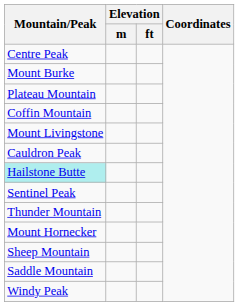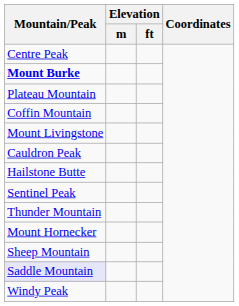 <table class="wikitable sortable">
 <tr>
 <th rowspan=2>Mountain/Peak</th>
 <th colspan=2>Elevation</th>
 <th rowspan=2>Coordinates</th>
 </tr>
 <tr>
 <th>m</th>
 <th>ft</th>
 </tr>
 <tr>
 <td><a href='#'>Centre Peak</a></td>
 <td></td>
 <td></td>
 </tr>
 <tr>
-<td><a href='#'>Mount Burke</a></td>
+<td><strong><a href='#'>Mount Burke</a></strong></td>
 <td></td>
 <td></td>
 </tr>
 <tr>
 <td><a href='#'>Plateau Mountain</a></td>
 <td></td>
 <td></td>
 </tr>
 <tr>
 <td><a href='#'>Coffin Mountain</a></td>
 <td></td>
 <td></td>
 </tr>
 <tr>
 <td><a href='#'>Mount Livingstone</a></td>
 <td></td>
 <td></td>
 </tr>
 <tr>
 <td><a href='#'>Cauldron Peak</a></td>
 <td></td>
 <td></td>
 </tr>
 <tr>
-<td style="background: paleturquoise;"><a href='#'>Hailstone Butte</a></td>
+<td><a href='#'>Hailstone Butte</a></td>
 <td></td>
 <td></td>
 </tr>
 <tr>
 <td><a href='#'>Sentinel Peak</a></td>
 <td></td>
 <td></td>
 </tr>
 <tr>
 <td><a href='#'>Thunder Mountain</a></td>
 <td></td>
 <td></td>
 </tr>
 <tr>
 <td><a href='#'>Mount Hornecker</a></td>
 <td></td>
 <td></td>
 </tr>
 <tr>
 <td><a href='#'>Sheep Mountain</a></td>
 <td></td>
 <td></td>
 </tr>
 <tr>
-<td><a href='#'>Saddle Mountain</a></td>
+<td style="background: lavender;"><a href='#'>Saddle Mountain</a></td>
 <td></td>
 <td></td>
 </tr>
 <tr>
 <td><a href='#'>Windy Peak</a></td>
 <td></td>
 <td></td>
 </tr>
 </table>
